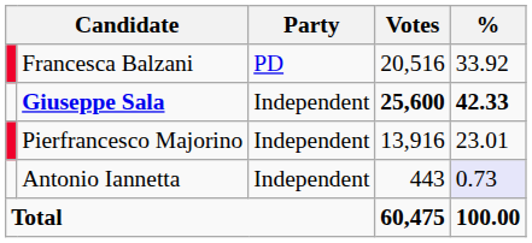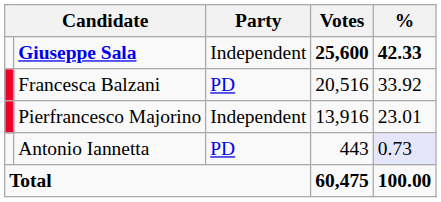 <table class="wikitable" style="font-size:95%">
 <tr style="background:#efefef;">
 <th colspan=2>Candidate</th>
 <th>Party</th>
 <th>Votes</th>
 <th>%</th>
 </tr>
 <tr>
+<td></td>
+<td><strong><a href='#'>Giuseppe Sala</a></strong></td>
+<td>Independent</td>
+<td align=right><strong>25,600</strong></td>
+<td><strong>42.33</strong></td>
+</tr>
+<tr>
 <td bgcolor="#F0002B"></td>
 <td>Francesca Balzani</td>
 <td><a href='#'>PD</a></td>
 <td align=right>20,516</td>
 <td>33.92</td>
-</tr>
-<tr>
-<td></td>
-<td><strong><a href='#'>Giuseppe Sala</a></strong></td>
-<td>Independent</td>
-<td align=right><strong>25,600</strong></td>
-<td><strong>42.33</strong></td>
 </tr>
 <tr>
 <td bgcolor="#F0002B"></td>
 <td>Pierfrancesco Majorino</td>
 <td>Independent</td>
 <td align=right>13,916</td>
 <td>23.01</td>
 </tr>
 <tr>
 <td></td>
 <td>Antonio Iannetta</td>
-<td>Independent</td>
+<td><a href='#'>PD</a></td>
 <td align=right>443</td>
 <td style="background: lavender;">0.73</td>
 </tr>
 <tr>
 <td align="left" colspan=3><strong>Total</strong></td>
 <td align="right"><strong>60,475</strong></td>
 <td align="right"><strong>100.00</strong></td>
 </tr>
 </table>
